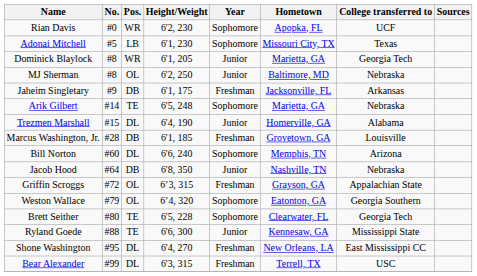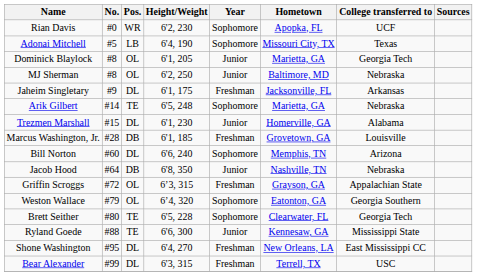 <table class="wikitable sortable sortable" style="text-align: center">
 <tr align=center>
 <th style="text-align:center; ">Name</th>
 <th style="text-align:center; ">No.</th>
 <th style="text-align:center; ">Pos.</th>
 <th style="text-align:center; ">Height/Weight</th>
 <th style="text-align:center; ">Year</th>
 <th style="text-align:center; ">Hometown</th>
 <th style="text-align:center; ">College transferred to</th>
 <th style="text-align:center; ">Sources</th>
 </tr>
 <tr>
 <td>Rian Davis</td>
 <td>#0</td>
 <td>WR</td>
 <td>6'2, 230</td>
 <td> Sophomore</td>
 <td><a href='#'>Apopka, FL</a></td>
 <td>UCF</td>
 <td><br></td>
 </tr>
 <tr>
 <td><a href='#'>Adonai Mitchell</a></td>
 <td>#5</td>
 <td>LB</td>
-<td>6'1, 230</td>
+<td>6'4, 190</td>
 <td>Sophomore</td>
 <td><a href='#'>Missouri City, TX</a></td>
 <td>Texas</td>
 <td></td>
 </tr>
 <tr>
 <td>Dominick Blaylock</td>
 <td>#8</td>
-<td>WR</td>
+<td>OL</td>
 <td>6'1, 205</td>
 <td>Junior</td>
 <td><a href='#'>Marietta, GA</a></td>
 <td>Georgia Tech</td>
 <td><br></td>
 </tr>
 <tr>
 <td>MJ Sherman</td>
 <td>#8</td>
 <td>OL</td>
 <td>6'2, 250</td>
 <td>Junior</td>
 <td><a href='#'>Baltimore, MD</a></td>
 <td>Nebraska</td>
 <td></td>
 </tr>
 <tr>
 <td>Jaheim Singletary</td>
 <td>#9</td>
-<td>DB</td>
+<td>DL</td>
 <td>6'1, 175</td>
 <td>Freshman</td>
 <td><a href='#'>Jacksonville, FL</a></td>
 <td>Arkansas</td>
 <td></td>
 </tr>
 <tr>
 <td><a href='#'>Arik Gilbert</a></td>
 <td>#14</td>
 <td>TE</td>
 <td>6'5, 248</td>
 <td> Sophomore</td>
 <td><a href='#'>Marietta, GA</a></td>
 <td>Nebraska</td>
 <td></td>
 </tr>
 <tr>
 <td><a href='#'>Trezmen Marshall</a></td>
 <td>#15</td>
 <td>DL</td>
-<td>6'4, 190</td>
+<td>6'1, 230</td>
 <td>Junior</td>
 <td><a href='#'>Homerville, GA</a></td>
 <td>Alabama</td>
 <td></td>
 </tr>
 <tr>
 <td>Marcus Washington, Jr.</td>
 <td>#28</td>
 <td>DB</td>
 <td>6'1, 185</td>
 <td> Freshman</td>
 <td><a href='#'>Grovetown, GA</a></td>
 <td>Louisville</td>
 <td></td>
 </tr>
 <tr>
 <td>Bill Norton</td>
 <td>#60</td>
 <td>DL</td>
 <td>6'6, 240</td>
 <td>Sophomore</td>
 <td><a href='#'>Memphis, TN</a></td>
 <td>Arizona</td>
 <td><br></td>
 </tr>
 <tr>
 <td>Jacob Hood</td>
 <td>#64</td>
 <td>DB</td>
 <td>6'8, 350</td>
 <td>Junior</td>
 <td><a href='#'>Nashville, TN</a></td>
 <td>Nebraska</td>
 <td></td>
 </tr>
 <tr>
 <td>Griffin Scroggs</td>
 <td>#72</td>
 <td>OL</td>
 <td>6’3, 315</td>
 <td> Freshman</td>
 <td><a href='#'>Grayson, GA</a></td>
 <td>Appalachian State</td>
 <td></td>
 </tr>
 <tr>
 <td>Weston Wallace</td>
 <td>#79</td>
 <td>OL</td>
 <td>6’4, 320</td>
 <td> Sophomore</td>
 <td><a href='#'>Eatonton, GA</a></td>
 <td>Georgia Southern</td>
 <td></td>
 </tr>
 <tr>
 <td>Brett Seither</td>
 <td>#80</td>
 <td>TE</td>
 <td>6'5, 228</td>
 <td>Sophomore</td>
 <td><a href='#'>Clearwater, FL</a></td>
 <td>Georgia Tech</td>
 <td></td>
 </tr>
 <tr>
 <td>Ryland Goede</td>
 <td>#88</td>
 <td>TE</td>
 <td>6'6, 300</td>
 <td>Junior</td>
 <td><a href='#'>Kennesaw, GA</a></td>
 <td>Mississippi State</td>
 <td><br></td>
 </tr>
 <tr>
 <td>Shone Washington</td>
 <td>#95</td>
 <td>DL</td>
 <td>6'4, 270</td>
 <td>Freshman</td>
 <td><a href='#'>New Orleans, LA</a></td>
 <td>East Mississippi CC</td>
 <td></td>
 </tr>
 <tr>
 <td><a href='#'>Bear Alexander</a></td>
 <td>#99</td>
 <td>DL</td>
 <td>6'3, 315</td>
 <td>Freshman</td>
 <td><a href='#'>Terrell, TX</a></td>
 <td>USC</td>
 <td></td>
 </tr>
 <tr>
 </tr>
 </table>
